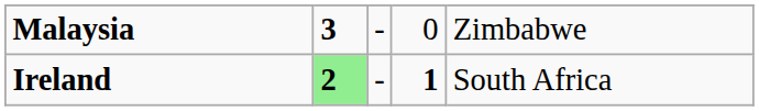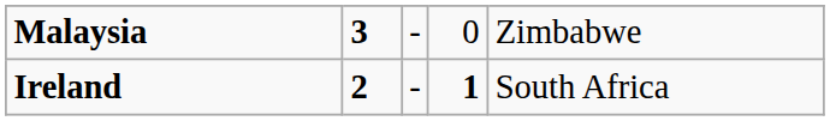 <table class="wikitable">
 <tr>
 <td width=150> <strong>Malaysia</strong></td>
 <td style="width:20px; text-align:left;"><strong>3</strong></td>
 <td>-</td>
 <td style="width:20px; text-align:right;">0</td>
 <td width=150> Zimbabwe</td>
 </tr>
 <tr>
 <td> <strong>Ireland</strong></td>
-<td style="background: lightgreen; text-align:left;"><strong>2</strong></td>
+<td style="text-align:left;"><strong>2</strong></td>
 <td>-</td>
 <td style="text-align:right;"><strong>1</strong></td>
 <td> South Africa</td>
 </tr>
 </table>
